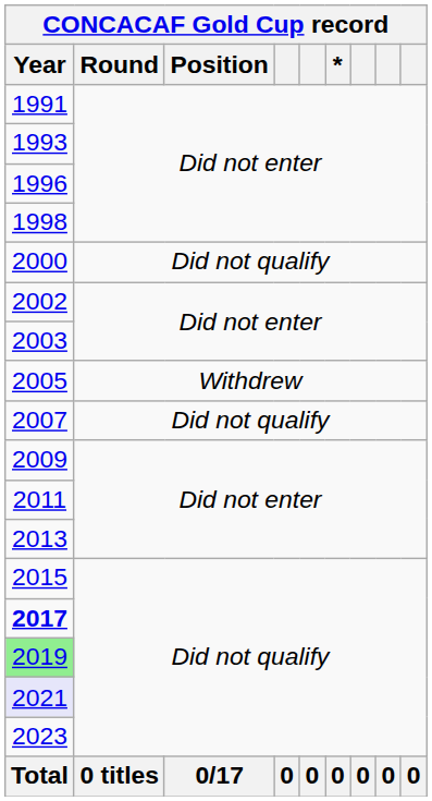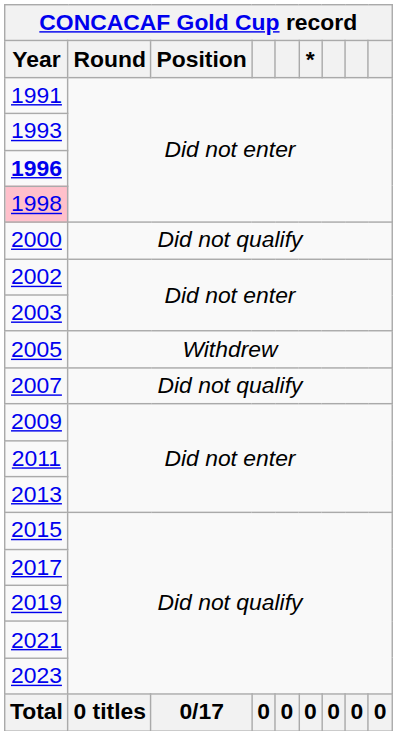 <table class="wikitable" style="text-align: center;">
 <tr>
 <th colspan=10><a href='#'>CONCACAF Gold Cup</a> record</th>
 </tr>
 <tr>
 <th>Year</th>
 <th>Round</th>
 <th>Position</th>
 <th></th>
 <th></th>
 <th>*</th>
 <th></th>
 <th></th>
 <th></th>
 </tr>
 <tr>
 <td> <a href='#'>1991</a></td>
 <td colspan=8 rowspan=4><em>Did not enter</em></td>
 </tr>
 <tr>
 <td> <a href='#'>1993</a></td>
 </tr>
 <tr>
-<td> <a href='#'>1996</a></td>
+<td><strong> <a href='#'>1996</a></strong></td>
 </tr>
 <tr>
-<td> <a href='#'>1998</a></td>
+<td style="background: pink;"> <a href='#'>1998</a></td>
 </tr>
 <tr>
 <td> <a href='#'>2000</a></td>
 <td colspan=8><em>Did not qualify</em></td>
 </tr>
 <tr>
 <td> <a href='#'>2002</a></td>
 <td colspan=8 rowspan=2><em>Did not enter</em></td>
 </tr>
 <tr>
 <td> <a href='#'>2003</a></td>
 </tr>
 <tr>
 <td> <a href='#'>2005</a></td>
 <td colspan=8><em>Withdrew</em></td>
 </tr>
 <tr>
 <td> <a href='#'>2007</a></td>
 <td colspan=8><em>Did not qualify</em></td>
 </tr>
 <tr>
 <td> <a href='#'>2009</a></td>
 <td colspan=8 rowspan=3><em>Did not enter</em></td>
 </tr>
 <tr>
 <td> <a href='#'>2011</a></td>
 </tr>
 <tr>
 <td> <a href='#'>2013</a></td>
 </tr>
 <tr>
 <td> <a href='#'>2015</a></td>
 <td colspan=8 rowspan=5><em>Did not qualify</em></td>
 </tr>
 <tr>
-<td><strong> <a href='#'>2017</a></strong></td>
+<td> <a href='#'>2017</a></td>
 </tr>
 <tr>
-<td style="background: lightgreen;"> <a href='#'>2019</a></td>
+<td> <a href='#'>2019</a></td>
 </tr>
 <tr>
-<td style="background: lavender;"> <a href='#'>2021</a></td>
+<td> <a href='#'>2021</a></td>
 </tr>
 <tr>
 <td> <a href='#'>2023</a></td>
 </tr>
 <tr>
 <th><strong>Total</strong></th>
 <th><strong>0 titles</strong></th>
 <th><strong>0/17</strong></th>
 <th><strong>0</strong></th>
 <th><strong>0</strong></th>
 <th><strong>0</strong></th>
 <th><strong>0</strong></th>
 <th><strong>0</strong></th>
 <th><strong>0</strong></th>
 </tr>
 </table>
